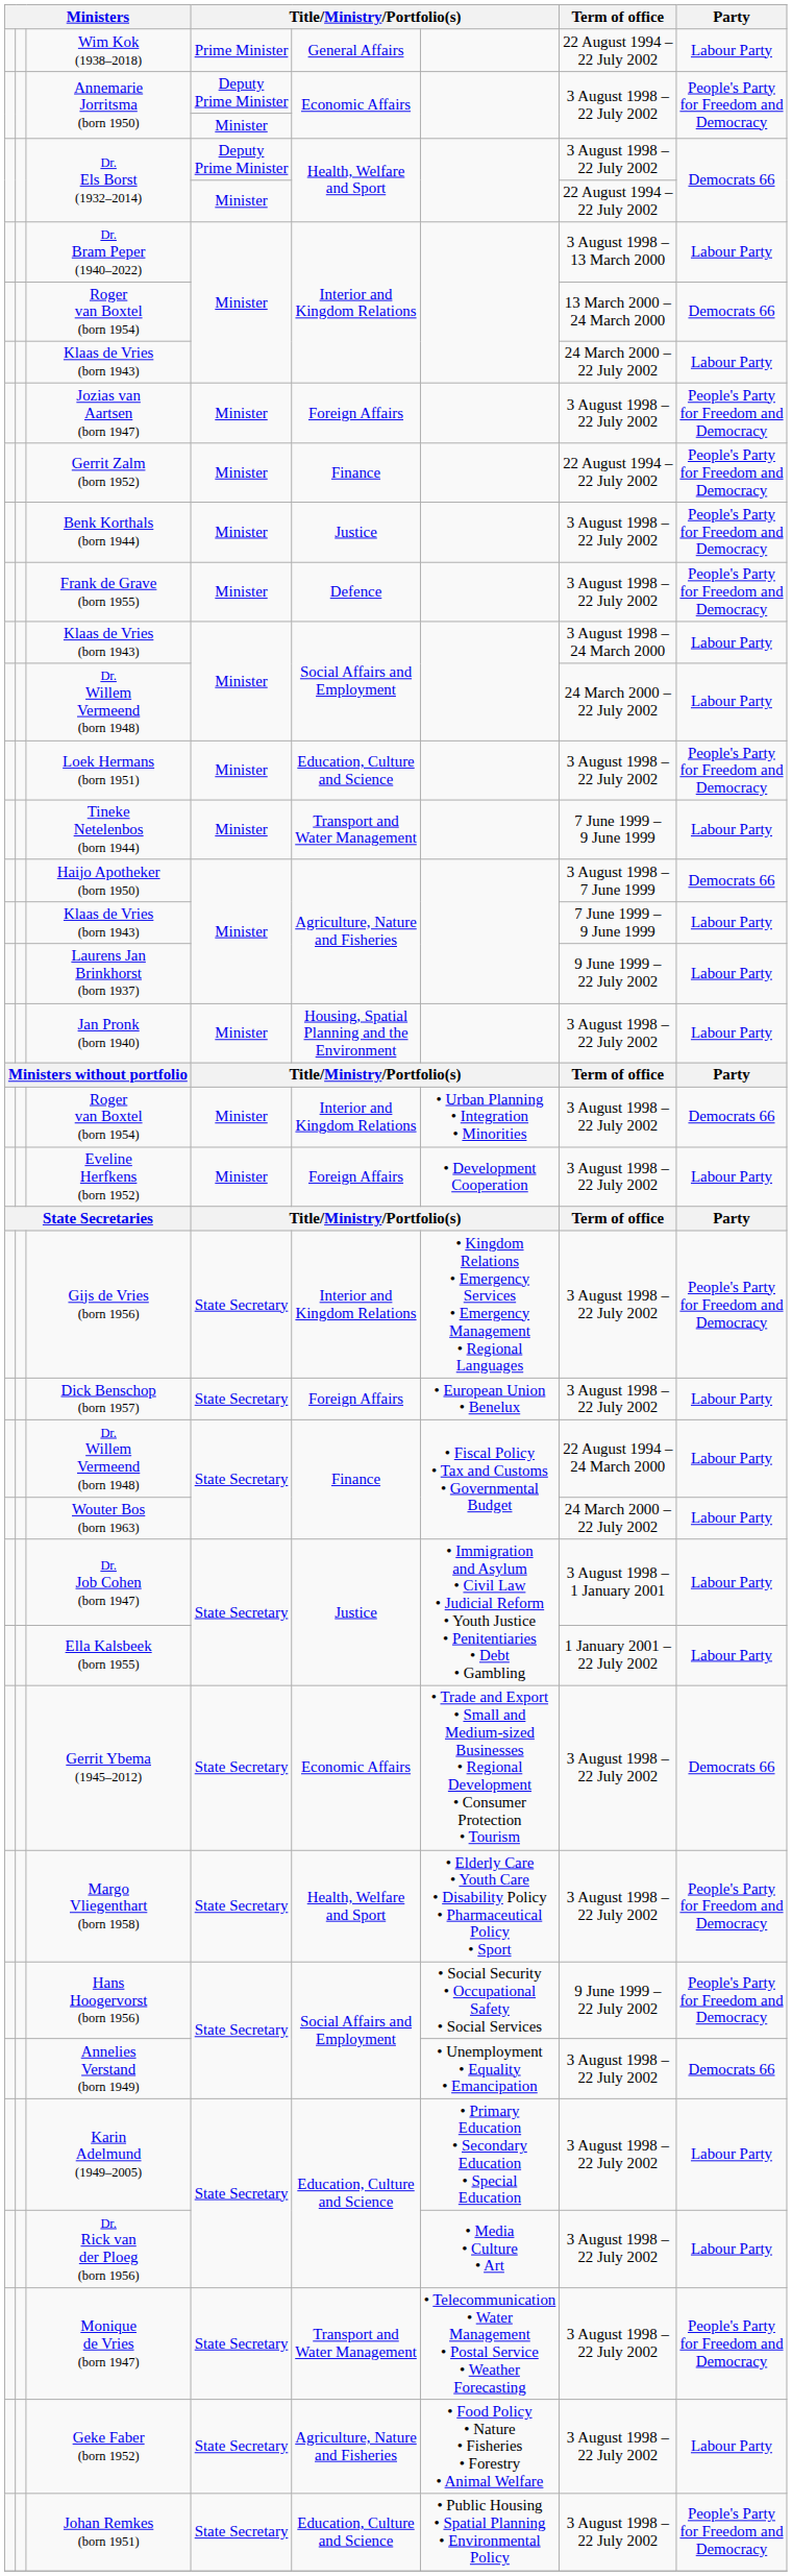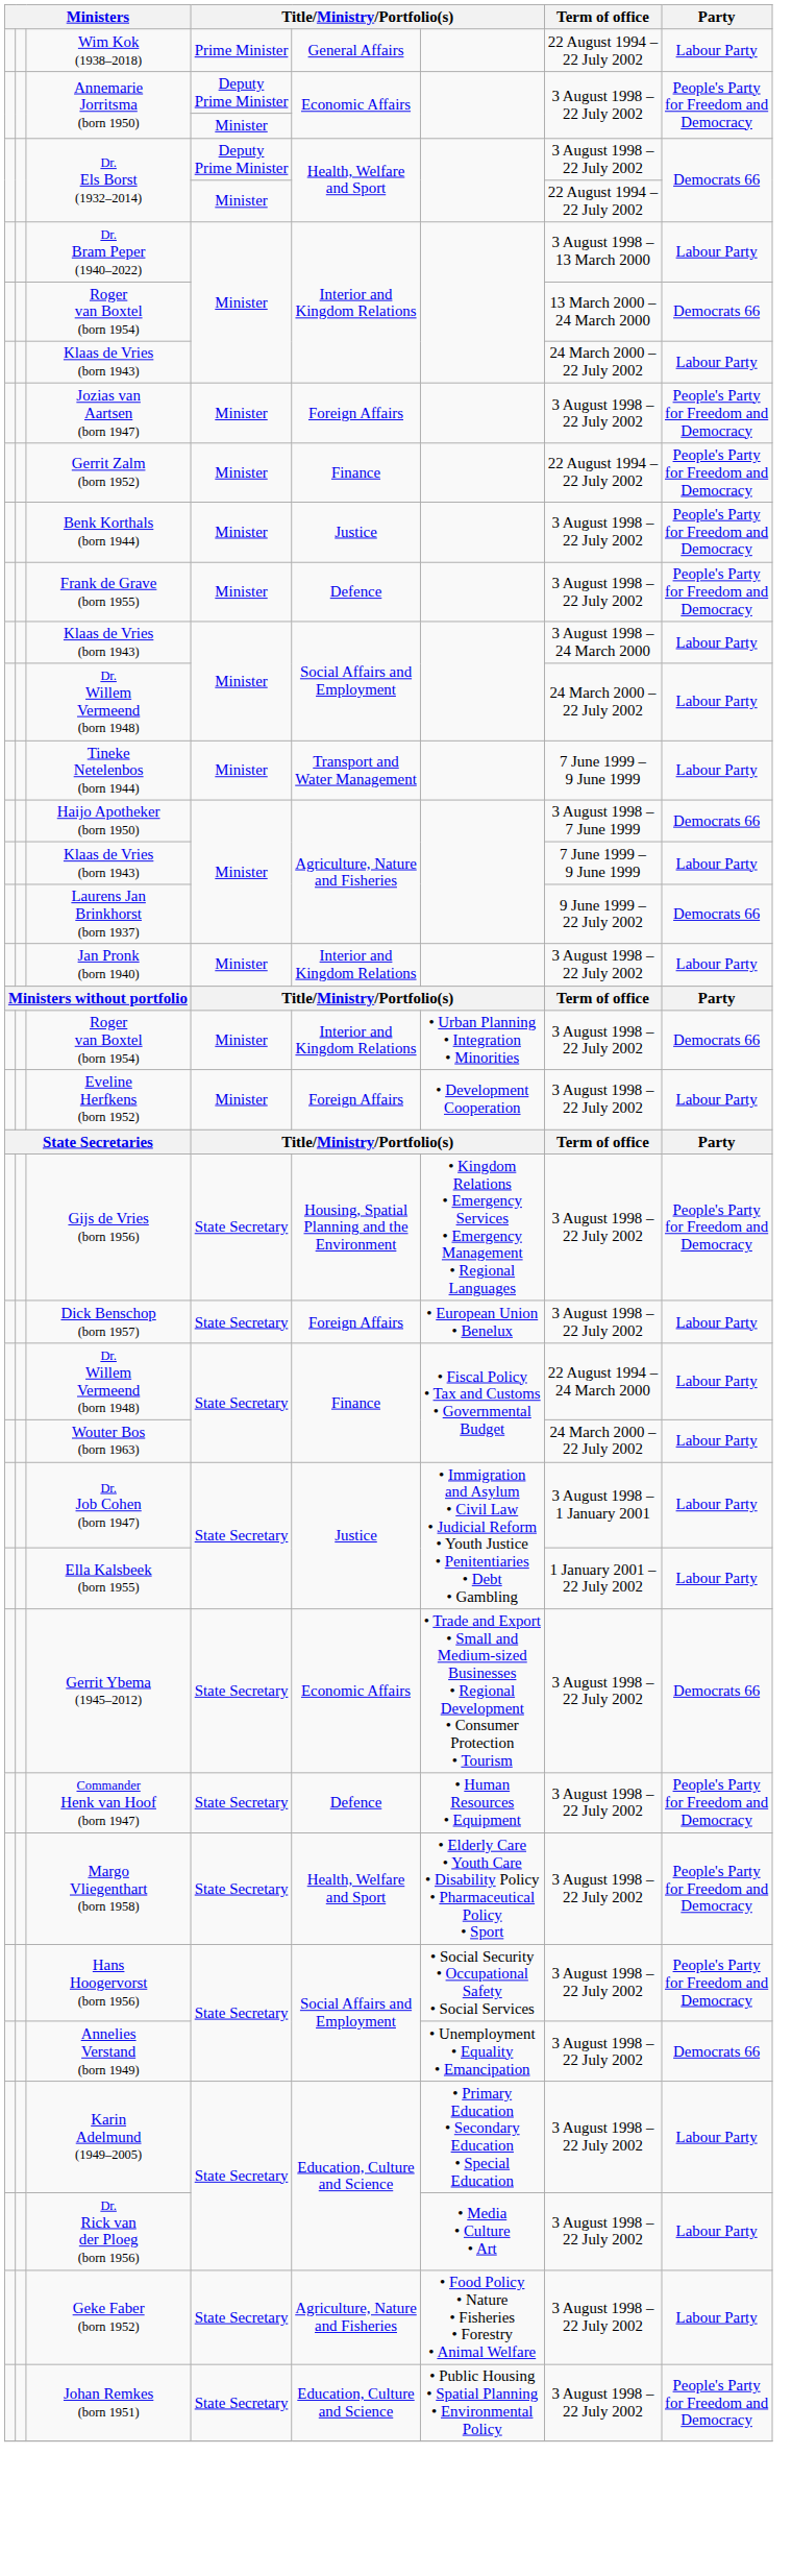 <table class="wikitable" style="text-align:center">
 <tr>
 <th colspan=3><a href='#'>Ministers</a></th>
 <th colspan=3>Title/<a href='#'>Ministry</a>/Portfolio(s)</th>
 <th>Term of office</th>
 <th>Party</th>
 </tr>
 <tr>
 <td style="background:"></td>
 <td></td>
 <td><a href='#'>Wim Kok</a> <br> <small>(1938–2018)</small></td>
 <td><a href='#'>Prime Minister</a></td>
 <td><a href='#'>General Affairs</a></td>
 <td></td>
 <td>22 August 1994 – <br> 22 July 2002 <br> </td>
 <td><a href='#'>Labour Party</a></td>
 </tr>
 <tr>
 <td rowspan=2 style="background:"></td>
 <td rowspan=2></td>
 <td rowspan=2><a href='#'>Annemarie <br> Jorritsma</a> <br> <small>(born 1950)</small></td>
 <td><a href='#'>Deputy <br> Prime Minister</a></td>
 <td rowspan=2><a href='#'>Economic Affairs</a></td>
 <td rowspan=2></td>
 <td rowspan=2>3 August 1998 – <br> 22 July 2002</td>
 <td rowspan=2><a href='#'>People's Party <br> for Freedom and <br> Democracy</a></td>
 </tr>
 <tr>
 <td><a href='#'>Minister</a></td>
 </tr>
 <tr>
 <td rowspan=2 style="background:"></td>
 <td rowspan=2></td>
 <td rowspan=2><small><a href='#'>Dr.</a></small> <br> <a href='#'>Els Borst</a> <br> <small>(1932–2014)</small></td>
 <td><a href='#'>Deputy <br> Prime Minister</a></td>
 <td rowspan=2><a href='#'>Health, Welfare <br> and Sport</a></td>
 <td rowspan=2></td>
 <td>3 August 1998 – <br> 22 July 2002</td>
 <td rowspan=2><a href='#'>Democrats 66</a></td>
 </tr>
 <tr>
 <td><a href='#'>Minister</a></td>
 <td>22 August 1994 – <br> 22 July 2002 <br> </td>
 </tr>
 <tr>
 <td style="background:"></td>
 <td></td>
 <td><small><a href='#'>Dr.</a></small> <br> <a href='#'>Bram Peper</a> <br> <small>(1940–2022)</small></td>
 <td rowspan=3><a href='#'>Minister</a></td>
 <td rowspan=3><a href='#'>Interior and <br> Kingdom Relations</a></td>
 <td rowspan=3></td>
 <td>3 August 1998 – <br> 13 March 2000 <br> </td>
 <td><a href='#'>Labour Party</a></td>
 </tr>
 <tr>
 <td style="background:"></td>
 <td></td>
 <td><a href='#'>Roger <br> van Boxtel</a> <br> <small>(born 1954)</small></td>
 <td>13 March 2000 – <br> 24 March 2000 <br> </td>
 <td><a href='#'>Democrats 66</a></td>
 </tr>
 <tr>
 <td style="background:"></td>
 <td></td>
 <td><a href='#'>Klaas de Vries</a> <br> <small>(born 1943)</small></td>
 <td>24 March 2000 – <br> 22 July 2002</td>
 <td><a href='#'>Labour Party</a></td>
 </tr>
 <tr>
 <td style="background:"></td>
 <td></td>
 <td><a href='#'>Jozias van <br> Aartsen</a> <br> <small>(born 1947)</small></td>
 <td><a href='#'>Minister</a></td>
 <td><a href='#'>Foreign Affairs</a></td>
 <td></td>
 <td>3 August 1998 – <br> 22 July 2002</td>
 <td><a href='#'>People's Party <br> for Freedom and <br> Democracy</a></td>
 </tr>
 <tr>
 <td style="background:"></td>
 <td></td>
 <td><a href='#'>Gerrit Zalm</a> <br> <small>(born 1952)</small></td>
 <td><a href='#'>Minister</a></td>
 <td><a href='#'>Finance</a></td>
 <td></td>
 <td>22 August 1994 – <br> 22 July 2002 <br> </td>
 <td><a href='#'>People's Party <br> for Freedom and <br> Democracy</a></td>
 </tr>
 <tr>
 <td style="background:"></td>
 <td></td>
 <td><a href='#'>Benk Korthals</a> <br> <small>(born 1944)</small></td>
 <td><a href='#'>Minister</a></td>
 <td><a href='#'>Justice</a></td>
 <td></td>
 <td>3 August 1998 – <br> 22 July 2002</td>
 <td><a href='#'>People's Party <br> for Freedom and <br> Democracy</a></td>
 </tr>
 <tr>
 <td style="background:"></td>
 <td></td>
 <td><a href='#'>Frank de Grave</a> <br> <small>(born 1955)</small></td>
 <td><a href='#'>Minister</a></td>
 <td><a href='#'>Defence</a></td>
 <td></td>
 <td>3 August 1998 – <br> 22 July 2002</td>
 <td><a href='#'>People's Party <br> for Freedom and <br> Democracy</a></td>
 </tr>
 <tr>
 <td style="background:"></td>
 <td></td>
 <td><a href='#'>Klaas de Vries</a> <br> <small>(born 1943)</small></td>
 <td rowspan=2><a href='#'>Minister</a></td>
 <td rowspan=2><a href='#'>Social Affairs and <br> Employment</a></td>
 <td rowspan=2></td>
 <td>3 August 1998 – <br> 24 March 2000 <br> </td>
 <td><a href='#'>Labour Party</a></td>
 </tr>
 <tr>
 <td style="background:"></td>
 <td></td>
 <td><small><a href='#'>Dr.</a></small> <br> <a href='#'>Willem <br> Vermeend</a> <br> <small>(born 1948)</small></td>
 <td>24 March 2000 – <br> 22 July 2002</td>
 <td><a href='#'>Labour Party</a></td>
 </tr>
 <tr>
 <td style="background:"></td>
 <td></td>
-<td><a href='#'>Loek Hermans</a> <br> <small>(born 1951)</small></td>
-<td><a href='#'>Minister</a></td>
-<td><a href='#'>Education, Culture <br> and Science</a></td>
-<td></td>
-<td>3 August 1998 – <br> 22 July 2002</td>
-<td><a href='#'>People's Party <br> for Freedom and <br> Democracy</a></td>
-</tr>
-<tr>
-<td style="background:"></td>
-<td></td>
 <td><a href='#'>Tineke <br> Netelenbos</a> <br> <small>(born 1944)</small></td>
 <td><a href='#'>Minister</a></td>
 <td><a href='#'>Transport and <br> Water Management</a></td>
 <td></td>
 <td>7 June 1999 – <br> 9 June 1999 <br> </td>
 <td><a href='#'>Labour Party</a></td>
 </tr>
 <tr>
 <td style="background:"></td>
 <td></td>
 <td><a href='#'>Haijo Apotheker</a> <br> <small>(born 1950)</small></td>
 <td rowspan=3><a href='#'>Minister</a></td>
 <td rowspan=3><a href='#'>Agriculture, Nature <br> and Fisheries</a></td>
 <td rowspan=3></td>
 <td>3 August 1998 – <br> 7 June 1999 <br> </td>
 <td><a href='#'>Democrats 66</a></td>
 </tr>
 <tr>
 <td style="background:"></td>
 <td></td>
 <td><a href='#'>Klaas de Vries</a> <br> <small>(born 1943)</small></td>
 <td>7 June 1999 – <br> 9 June 1999 <br> </td>
 <td><a href='#'>Labour Party</a></td>
 </tr>
 <tr>
 <td style="background:"></td>
 <td></td>
 <td><a href='#'>Laurens Jan <br> Brinkhorst</a> <br> <small>(born 1937)</small></td>
 <td>9 June 1999 – <br> 22 July 2002</td>
-<td><a href='#'>Labour Party</a></td>
+<td><a href='#'>Democrats 66</a></td>
 </tr>
 <tr>
 <td style="background:"></td>
 <td></td>
 <td><a href='#'>Jan Pronk</a> <br> <small>(born 1940)</small></td>
 <td><a href='#'>Minister</a></td>
-<td><a href='#'>Housing, Spatial <br> Planning and the <br> Environment</a></td>
+<td><a href='#'>Interior and <br> Kingdom Relations</a></td>
 <td></td>
 <td>3 August 1998 – <br> 22 July 2002</td>
 <td><a href='#'>Labour Party</a></td>
 </tr>
 <tr>
 <th colspan=3><a href='#'>Ministers without portfolio</a></th>
 <th colspan=3>Title/<a href='#'>Ministry</a>/Portfolio(s)</th>
 <th>Term of office</th>
 <th>Party</th>
 </tr>
 <tr>
 <td style="background:"></td>
 <td></td>
 <td><a href='#'>Roger <br> van Boxtel</a> <br> <small>(born 1954)</small></td>
 <td><a href='#'>Minister</a></td>
 <td><a href='#'>Interior and <br> Kingdom Relations</a></td>
 <td>• <a href='#'>Urban Planning</a> <br> • <a href='#'>Integration</a> <br> • <a href='#'>Minorities</a></td>
 <td>3 August 1998 – <br> 22 July 2002</td>
 <td><a href='#'>Democrats 66</a></td>
 </tr>
 <tr>
 <td style="background:"></td>
 <td></td>
 <td><a href='#'>Eveline <br> Herfkens</a> <br> <small>(born 1952)</small></td>
 <td><a href='#'>Minister</a></td>
 <td><a href='#'>Foreign Affairs</a></td>
 <td>• <a href='#'>Development <br> Cooperation</a></td>
 <td>3 August 1998 – <br> 22 July 2002</td>
 <td><a href='#'>Labour Party</a></td>
 </tr>
 <tr>
 <th colspan=3><a href='#'>State Secretaries</a></th>
 <th colspan=3>Title/<a href='#'>Ministry</a>/Portfolio(s)</th>
 <th>Term of office</th>
 <th>Party</th>
 </tr>
 <tr>
 <td style="background:"></td>
 <td></td>
 <td><a href='#'>Gijs de Vries</a> <br> <small>(born 1956)</small></td>
 <td><a href='#'>State Secretary</a></td>
-<td><a href='#'>Interior and <br> Kingdom Relations</a></td>
+<td><a href='#'>Housing, Spatial <br> Planning and the <br> Environment</a></td>
 <td>• <a href='#'>Kingdom <br> Relations</a> <br> • <a href='#'>Emergency <br> Services</a> <br> • <a href='#'>Emergency <br> Management</a> <br> • <a href='#'>Regional <br> Languages</a></td>
 <td>3 August 1998 – <br> 22 July 2002</td>
 <td><a href='#'>People's Party <br> for Freedom and <br> Democracy</a></td>
 </tr>
 <tr>
 <td style="background:"></td>
 <td></td>
 <td><a href='#'>Dick Benschop</a> <br> <small>(born 1957)</small></td>
 <td><a href='#'>State Secretary</a></td>
 <td><a href='#'>Foreign Affairs</a></td>
 <td>• <a href='#'>European Union</a> <br> • <a href='#'>Benelux</a></td>
 <td>3 August 1998 – <br> 22 July 2002</td>
 <td><a href='#'>Labour Party</a></td>
 </tr>
 <tr>
 <td style="background:"></td>
 <td></td>
 <td><small><a href='#'>Dr.</a></small> <br> <a href='#'>Willem <br> Vermeend</a> <br> <small>(born 1948)</small></td>
 <td rowspan=2><a href='#'>State Secretary</a></td>
 <td rowspan=2><a href='#'>Finance</a></td>
 <td rowspan=2>• <a href='#'>Fiscal Policy</a> <br> • <a href='#'>Tax and Customs</a> <br> • <a href='#'>Governmental <br> Budget</a></td>
 <td>22 August 1994 – <br> 24 March 2000 <br>  </td>
 <td><a href='#'>Labour Party</a></td>
 </tr>
 <tr>
 <td style="background:"></td>
 <td></td>
 <td><a href='#'>Wouter Bos</a> <br> <small>(born 1963)</small></td>
 <td>24 March 2000 – <br> 22 July 2002</td>
 <td><a href='#'>Labour Party</a></td>
 </tr>
 <tr>
 <td style="background:"></td>
 <td></td>
 <td><small><a href='#'>Dr.</a></small> <br> <a href='#'>Job Cohen</a> <br> <small>(born 1947)</small></td>
 <td rowspan=2><a href='#'>State Secretary</a></td>
 <td rowspan=2><a href='#'>Justice</a></td>
 <td rowspan=2>• <a href='#'>Immigration <br> and Asylum</a> <br> • <a href='#'>Civil Law</a> <br> • <a href='#'>Judicial Reform</a> <br> • Youth Justice <br> • <a href='#'>Penitentiaries</a> <br> • <a href='#'>Debt</a> <br> • Gambling</td>
 <td>3 August 1998 – <br> 1 January 2001 <br> </td>
 <td><a href='#'>Labour Party</a></td>
 </tr>
 <tr>
 <td style="background:"></td>
 <td></td>
 <td><a href='#'>Ella Kalsbeek</a> <br> <small>(born 1955)</small></td>
 <td>1 January 2001 – <br> 22 July 2002</td>
 <td><a href='#'>Labour Party</a></td>
 </tr>
 <tr>
 <td style="background:"></td>
 <td></td>
 <td><a href='#'>Gerrit Ybema</a> <br> <small>(1945–2012)</small></td>
 <td><a href='#'>State Secretary</a> <br> </td>
 <td><a href='#'>Economic Affairs</a></td>
 <td>• <a href='#'>Trade and Export</a> <br> • <a href='#'>Small and <br> Medium-sized <br> Businesses</a> <br> • <a href='#'>Regional <br> Development</a> <br> • Consumer <br> Protection <br> • <a href='#'>Tourism</a></td>
 <td>3 August 1998 – <br> 22 July 2002</td>
 <td><a href='#'>Democrats 66</a></td>
 </tr>
 <tr>
 <td style="background:"></td>
 <td></td>
+<td><small><a href='#'>Commander</a></small> <br> <a href='#'>Henk van Hoof</a> <br> <small>(born 1947)</small></td>
+<td><a href='#'>State Secretary</a></td>
+<td><a href='#'>Defence</a></td>
+<td>• <a href='#'>Human <br> Resources</a> <br> • <a href='#'>Equipment</a></td>
+<td>3 August 1998 – <br> 22 July 2002</td>
+<td><a href='#'>People's Party <br> for Freedom and <br> Democracy</a></td>
+</tr>
+<tr>
+<td style="background:"></td>
+<td></td>
 <td><a href='#'>Margo <br> Vliegenthart</a> <br> <small>(born 1958)</small></td>
 <td><a href='#'>State Secretary</a></td>
 <td><a href='#'>Health, Welfare <br> and Sport</a></td>
 <td>• <a href='#'>Elderly Care</a> <br> • <a href='#'>Youth Care</a> <br> • <a href='#'>Disability</a> Policy <br> • <a href='#'>Pharmaceutical <br> Policy</a> <br> • <a href='#'>Sport</a></td>
 <td>3 August 1998 – <br> 22 July 2002</td>
 <td><a href='#'>People's Party <br> for Freedom and <br> Democracy</a></td>
 </tr>
 <tr>
 <td style="background:"></td>
 <td></td>
 <td><a href='#'>Hans <br> Hoogervorst</a> <br> <small>(born 1956)</small></td>
 <td rowspan=2><a href='#'>State Secretary</a></td>
 <td rowspan=2><a href='#'>Social Affairs and <br> Employment</a></td>
 <td>• Social Security <br> • <a href='#'>Occupational <br> Safety</a> <br> • Social Services</td>
-<td>9 June 1999 – <br> 22 July 2002</td>
+<td>3 August 1998 – <br> 22 July 2002</td>
 <td><a href='#'>People's Party <br> for Freedom and <br> Democracy</a></td>
 </tr>
 <tr>
 <td style="background:"></td>
 <td></td>
 <td><a href='#'>Annelies <br> Verstand</a> <br> <small>(born 1949)</small></td>
 <td>• Unemployment <br> • <a href='#'>Equality</a> <br> • <a href='#'>Emancipation</a></td>
 <td>3 August 1998 – <br> 22 July 2002</td>
 <td><a href='#'>Democrats 66</a></td>
 </tr>
 <tr>
 <td style="background:"></td>
 <td></td>
 <td><a href='#'>Karin <br> Adelmund</a> <br> <small>(1949–2005)</small></td>
 <td rowspan=2><a href='#'>State Secretary</a></td>
 <td rowspan=2><a href='#'>Education, Culture <br> and Science</a></td>
 <td>• <a href='#'>Primary <br> Education</a> <br> • <a href='#'>Secondary <br> Education</a> <br> • <a href='#'>Special <br> Education</a></td>
 <td>3 August 1998 – <br> 22 July 2002</td>
 <td><a href='#'>Labour Party</a></td>
 </tr>
 <tr>
 <td style="background:"></td>
 <td></td>
 <td><small><a href='#'>Dr.</a></small> <br> <a href='#'>Rick van <br> der Ploeg</a> <br> <small>(born 1956)</small></td>
 <td>• <a href='#'>Media</a> <br> • <a href='#'>Culture</a> <br> • <a href='#'>Art</a></td>
 <td>3 August 1998 – <br> 22 July 2002</td>
 <td><a href='#'>Labour Party</a></td>
 </tr>
 <tr>
 <td style="background:"></td>
 <td></td>
-<td><a href='#'>Monique <br> de Vries</a> <br> <small>(born 1947)</small></td>
-<td><a href='#'>State Secretary</a></td>
-<td><a href='#'>Transport and <br> Water Management</a></td>
-<td>• <a href='#'>Telecommunication</a> <br> • <a href='#'>Water <br> Management</a> <br> • <a href='#'>Postal Service</a> <br> • <a href='#'>Weather <br> Forecasting</a></td>
-<td>3 August 1998 – <br> 22 July 2002</td>
-<td><a href='#'>People's Party <br> for Freedom and <br> Democracy</a></td>
-</tr>
-<tr>
-<td style="background:"></td>
-<td></td>
 <td><a href='#'>Geke Faber</a> <br> <small>(born 1952)</small></td>
 <td><a href='#'>State Secretary</a></td>
 <td><a href='#'>Agriculture, Nature <br> and Fisheries</a></td>
 <td>• <a href='#'>Food Policy</a> <br> • Nature <br> • Fisheries <br> • Forestry <br> • <a href='#'>Animal Welfare</a></td>
 <td>3 August 1998 – <br> 22 July 2002</td>
 <td><a href='#'>Labour Party</a></td>
 </tr>
 <tr>
 <td style="background:"></td>
 <td></td>
 <td><a href='#'>Johan Remkes</a> <br> <small>(born 1951)</small></td>
 <td><a href='#'>State Secretary</a></td>
 <td><a href='#'>Education, Culture <br> and Science</a></td>
 <td>• Public Housing <br> • <a href='#'>Spatial Planning</a> <br> • <a href='#'>Environmental <br> Policy</a></td>
 <td>3 August 1998 – <br> 22 July 2002</td>
 <td><a href='#'>People's Party <br> for Freedom and <br> Democracy</a></td>
 </tr>
 <tr>
 </tr>
 </table>
